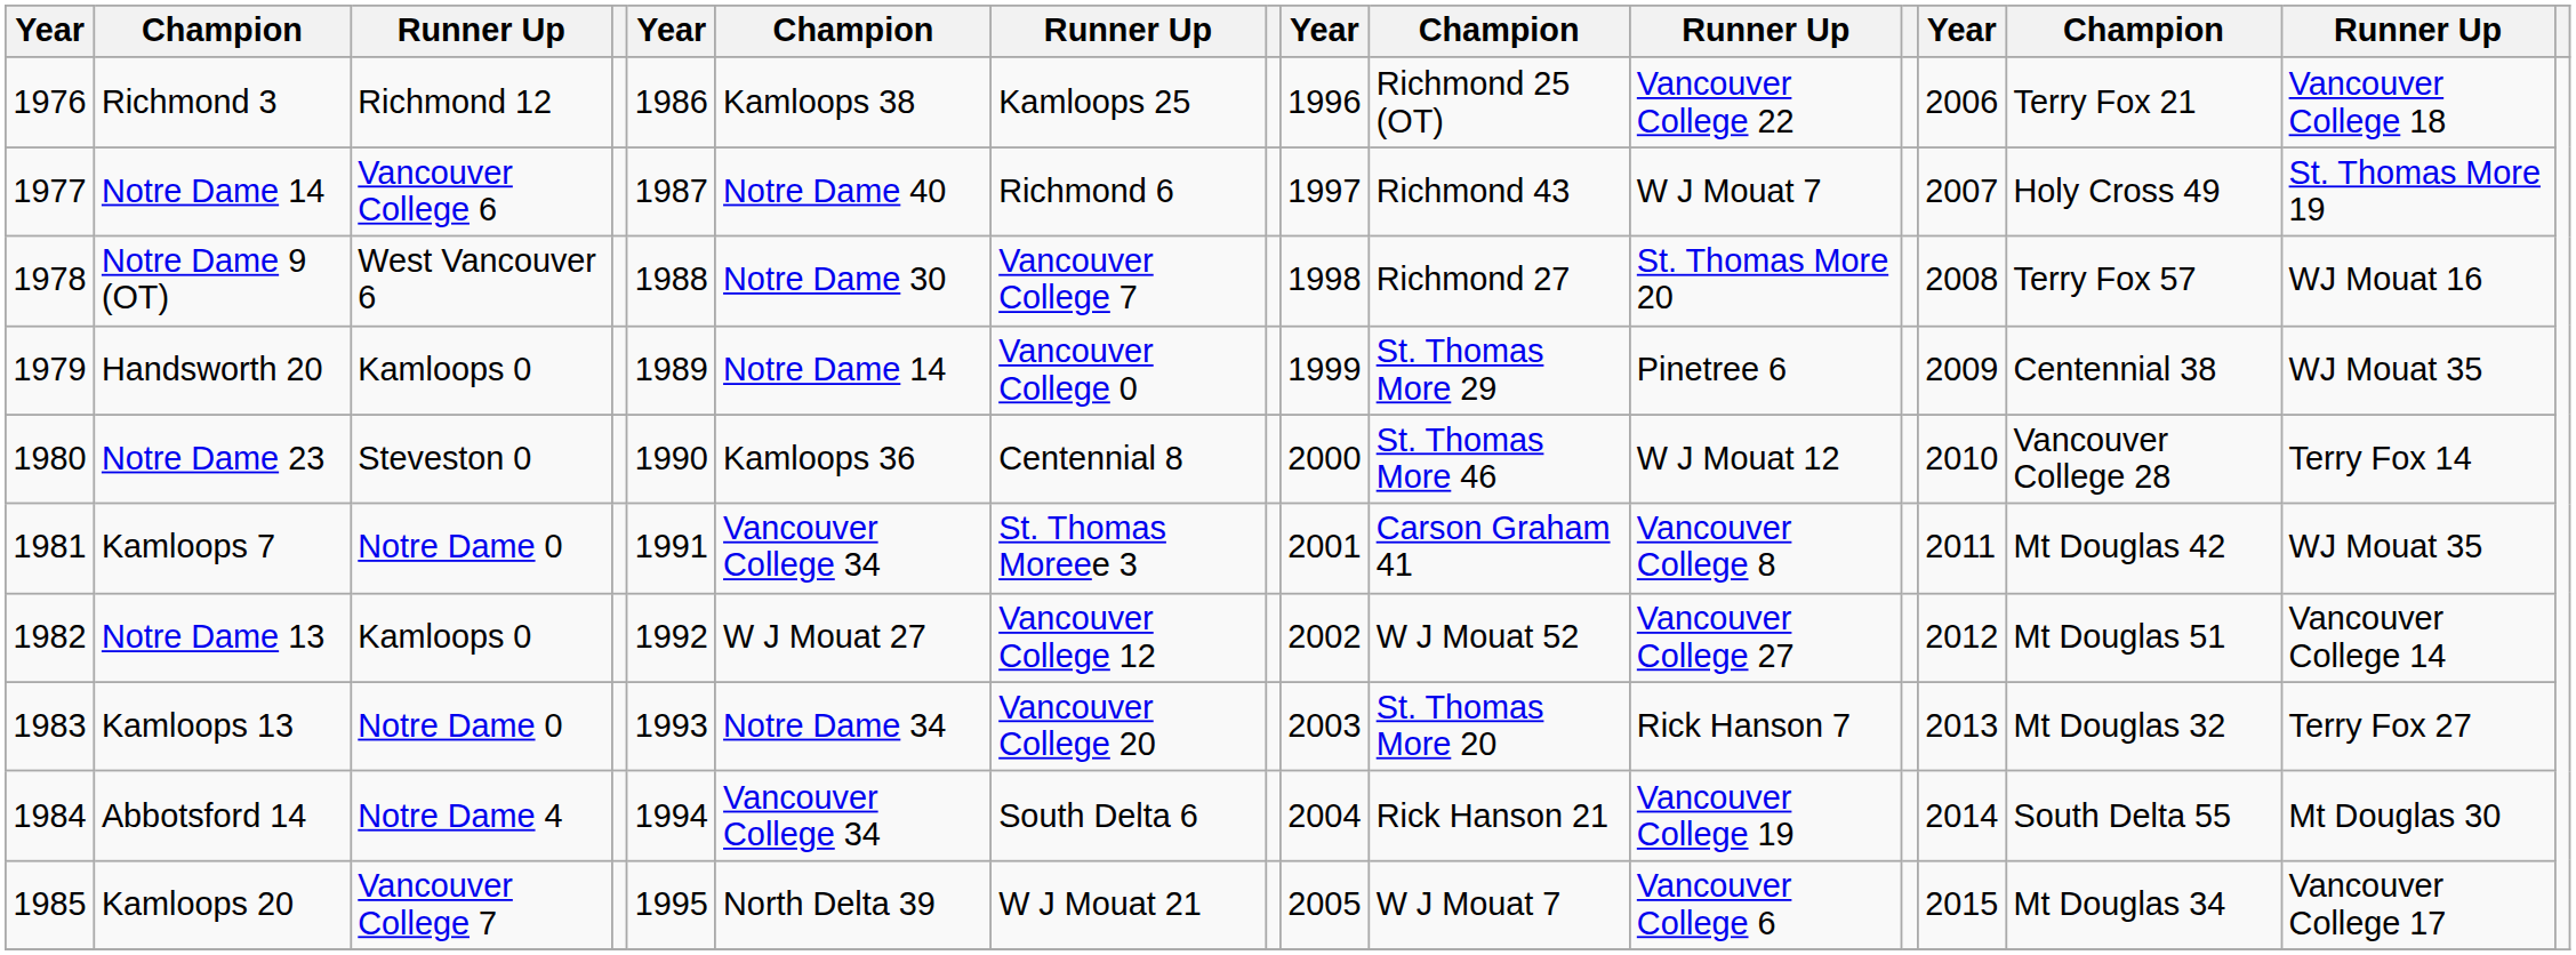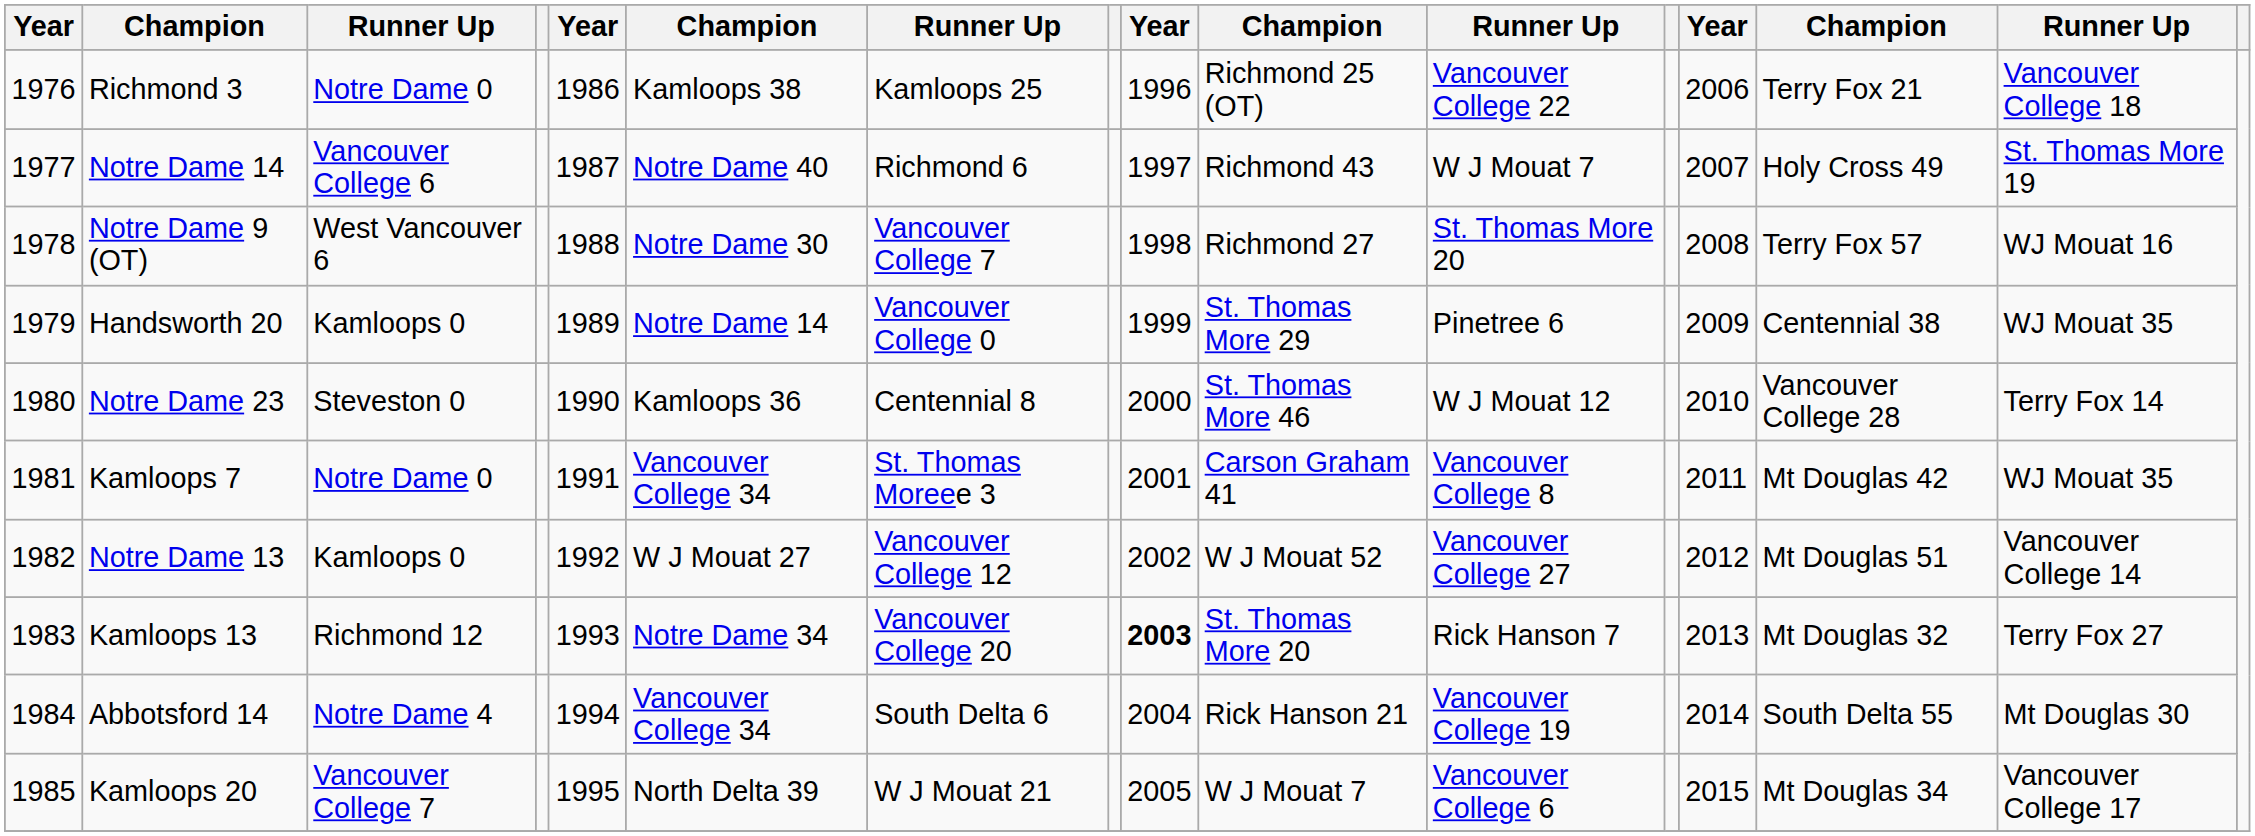 <table class="wikitable" border="1">
 <tr>
 <th>Year</th>
 <th>Champion</th>
 <th>Runner Up</th>
 <th></th>
 <th>Year</th>
 <th>Champion</th>
 <th>Runner Up</th>
 <th></th>
 <th>Year</th>
 <th>Champion</th>
 <th>Runner Up</th>
 <th></th>
 <th>Year</th>
 <th>Champion</th>
 <th>Runner Up</th>
 <th></th>
 </tr>
 <tr>
 <td>1976</td>
 <td>Richmond 3</td>
-<td>Richmond 12</td>
+<td><a href='#'>Notre Dame</a> 0</td>
 <td></td>
 <td>1986</td>
 <td>Kamloops 38</td>
 <td>Kamloops 25</td>
 <td></td>
 <td>1996</td>
 <td>Richmond 25 (OT)</td>
 <td><a href='#'>Vancouver College</a> 22</td>
 <td></td>
 <td>2006</td>
 <td>Terry Fox 21</td>
 <td><a href='#'>Vancouver College</a> 18</td>
 </tr>
 <tr>
 <td>1977</td>
 <td><a href='#'>Notre Dame</a> 14</td>
 <td><a href='#'>Vancouver College</a> 6</td>
 <td></td>
 <td>1987</td>
 <td><a href='#'>Notre Dame</a> 40</td>
 <td>Richmond 6</td>
 <td></td>
 <td>1997</td>
 <td>Richmond 43</td>
 <td>W J Mouat 7</td>
 <td></td>
 <td>2007</td>
 <td>Holy Cross 49</td>
 <td><a href='#'>St. Thomas More</a> 19</td>
 </tr>
 <tr>
 <td>1978</td>
 <td><a href='#'>Notre Dame</a> 9 (OT)</td>
 <td>West Vancouver 6</td>
 <td></td>
 <td>1988</td>
 <td><a href='#'>Notre Dame</a> 30</td>
 <td><a href='#'>Vancouver College</a> 7</td>
 <td></td>
 <td>1998</td>
 <td>Richmond 27</td>
 <td><a href='#'>St. Thomas More</a> 20</td>
 <td></td>
 <td>2008</td>
 <td>Terry Fox 57</td>
 <td>WJ Mouat 16</td>
 </tr>
 <tr>
 <td>1979</td>
 <td>Handsworth 20</td>
 <td>Kamloops 0</td>
 <td></td>
 <td>1989</td>
 <td><a href='#'>Notre Dame</a> 14</td>
 <td><a href='#'>Vancouver College</a> 0</td>
 <td></td>
 <td>1999</td>
 <td><a href='#'>St. Thomas More</a> 29</td>
 <td>Pinetree 6</td>
 <td></td>
 <td>2009</td>
 <td>Centennial 38</td>
 <td>WJ Mouat 35</td>
 </tr>
 <tr>
 <td>1980</td>
 <td><a href='#'>Notre Dame</a> 23</td>
 <td>Steveston 0</td>
 <td></td>
 <td>1990</td>
 <td>Kamloops 36</td>
 <td>Centennial 8</td>
 <td></td>
 <td>2000</td>
 <td><a href='#'>St. Thomas More</a> 46</td>
 <td>W J Mouat 12</td>
 <td></td>
 <td>2010</td>
 <td>Vancouver College 28</td>
 <td>Terry Fox 14</td>
 </tr>
 <tr>
 <td>1981</td>
 <td>Kamloops 7</td>
 <td><a href='#'>Notre Dame</a> 0</td>
 <td></td>
 <td>1991</td>
 <td><a href='#'>Vancouver College</a> 34</td>
 <td><a href='#'>St. Thomas Moree</a>e 3</td>
 <td></td>
 <td>2001</td>
 <td><a href='#'>Carson Graham</a> 41</td>
 <td><a href='#'>Vancouver College</a> 8</td>
 <td></td>
 <td>2011</td>
 <td>Mt Douglas 42</td>
 <td>WJ Mouat 35</td>
 </tr>
 <tr>
 <td>1982</td>
 <td><a href='#'>Notre Dame</a> 13</td>
 <td>Kamloops 0</td>
 <td></td>
 <td>1992</td>
 <td>W J Mouat 27</td>
 <td><a href='#'>Vancouver College</a> 12</td>
 <td></td>
 <td>2002</td>
 <td>W J Mouat 52</td>
 <td><a href='#'>Vancouver College</a> 27</td>
 <td></td>
 <td>2012</td>
 <td>Mt Douglas 51</td>
 <td>Vancouver College 14</td>
 </tr>
 <tr>
 <td>1983</td>
 <td>Kamloops 13</td>
-<td><a href='#'>Notre Dame</a> 0</td>
+<td>Richmond 12</td>
 <td></td>
 <td>1993</td>
 <td><a href='#'>Notre Dame</a> 34</td>
 <td><a href='#'>Vancouver College</a> 20</td>
 <td></td>
-<td>2003</td>
+<td><strong>2003</strong></td>
 <td><a href='#'>St. Thomas More</a> 20</td>
 <td>Rick Hanson 7</td>
 <td></td>
 <td>2013</td>
 <td>Mt Douglas 32</td>
 <td>Terry Fox 27</td>
 </tr>
 <tr>
 <td>1984</td>
 <td>Abbotsford 14</td>
 <td><a href='#'>Notre Dame</a> 4</td>
 <td></td>
 <td>1994</td>
 <td><a href='#'>Vancouver College</a> 34</td>
 <td>South Delta 6</td>
 <td></td>
 <td>2004</td>
 <td>Rick Hanson 21</td>
 <td><a href='#'>Vancouver College</a> 19</td>
 <td></td>
 <td>2014</td>
 <td>South Delta 55</td>
 <td>Mt Douglas 30</td>
 </tr>
 <tr>
 <td>1985</td>
 <td>Kamloops 20</td>
 <td><a href='#'>Vancouver College</a> 7</td>
 <td></td>
 <td>1995</td>
 <td>North Delta 39</td>
 <td>W J Mouat 21</td>
 <td></td>
 <td>2005</td>
 <td>W J Mouat 7</td>
 <td><a href='#'>Vancouver College</a> 6</td>
 <td></td>
 <td>2015</td>
 <td>Mt Douglas 34</td>
 <td>Vancouver College 17</td>
 </tr>
 <tr>
 </tr>
 </table>
